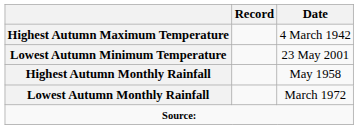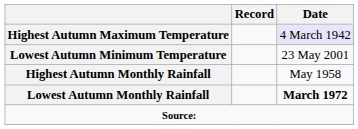 <table class="wikitable" style="margin: 0 auto 0 auto; text-align:center">
 <tr>
 <th></th>
 <th>Record</th>
 <th>Date</th>
 </tr>
 <tr>
 <th>Highest Autumn Maximum Temperature</th>
 <td></td>
-<td>4 March 1942</td>
+<td style="background: lavender;">4 March 1942</td>
 </tr>
 <tr>
 <th>Lowest Autumn Minimum Temperature</th>
 <td></td>
 <td>23 May 2001</td>
 </tr>
 <tr>
 <th>Highest Autumn Monthly Rainfall</th>
 <td></td>
 <td>May 1958</td>
 </tr>
 <tr>
 <th>Lowest Autumn Monthly Rainfall</th>
 <td></td>
-<td>March 1972</td>
+<td><strong>March 1972</strong></td>
 </tr>
 <tr>
 <td colspan="15" style="text-align: center;"><small><strong>Source:</strong></small></td>
 </tr>
 </table>
